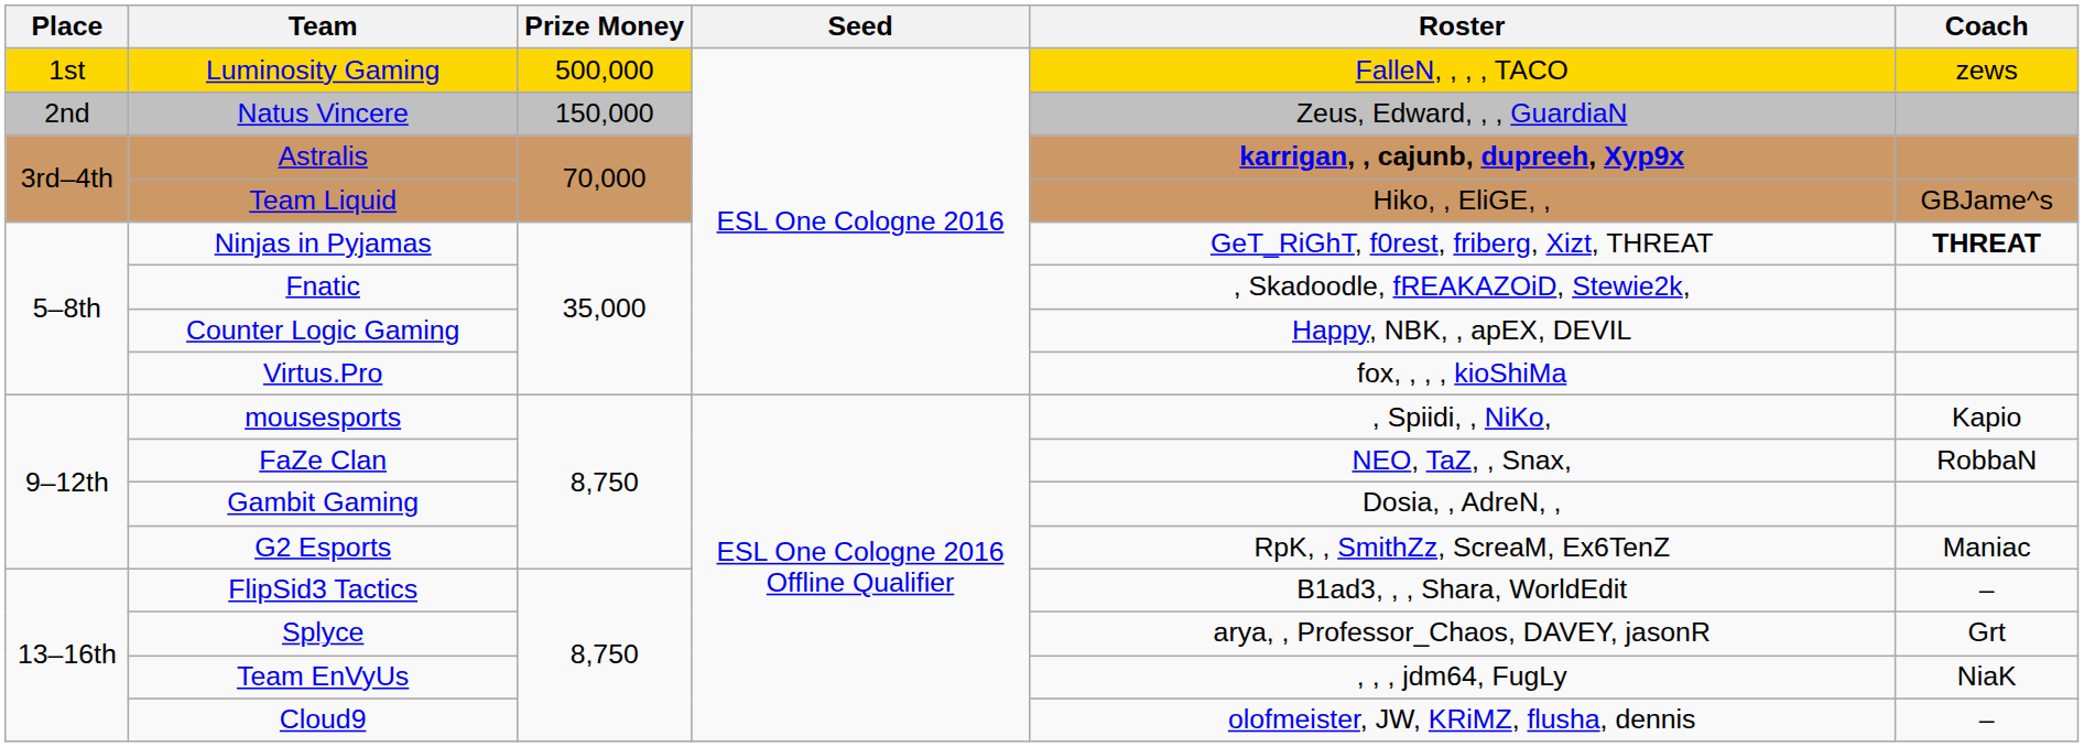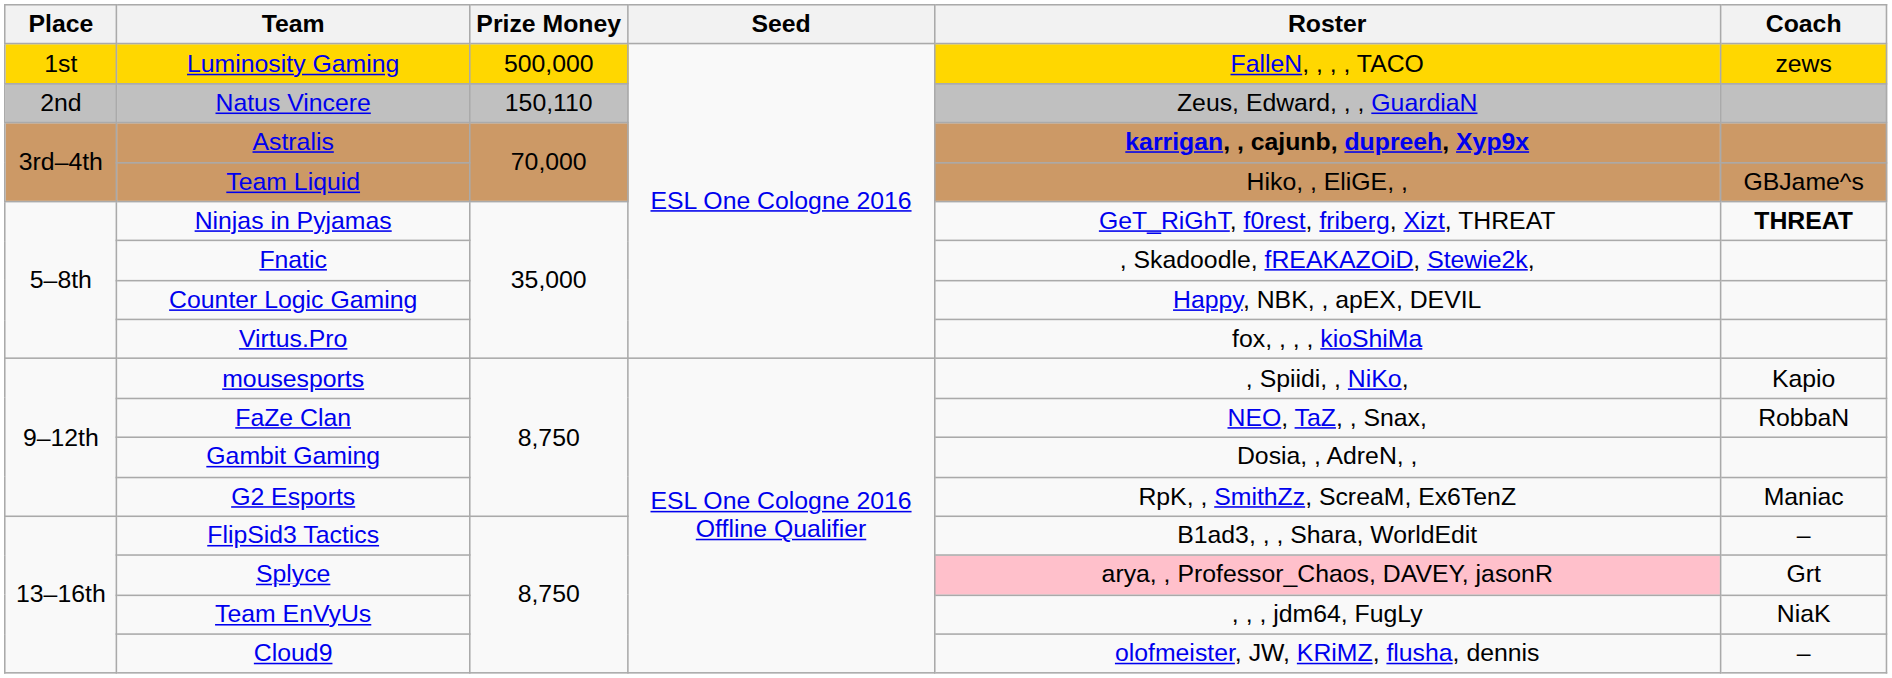 <table class="wikitable" style="text-align:center">
 <tr>
 <th width="65px">Place</th>
 <th width="220">Team</th>
 <th width="95">Prize Money</th>
 <th width="190px">Seed</th>
 <th width="500px">Roster</th>
 <th width="100">Coach</th>
 </tr>
 <tr>
 <td style="text-align:center; background:gold;">1st</td>
 <td style="text-align:center; background:gold;"><a href='#'>Luminosity Gaming</a></td>
 <td style="text-align:center; background:gold;">500,000</td>
 <td style="text-align:center" rowspan="8"><a href='#'>ESL One Cologne 2016</a></td>
 <td style="text-align:center; background:gold;"><a href='#'>FalleN</a>,  ,  ,  ,  TACO</td>
 <td style="text-align:center; background:gold;">zews</td>
 </tr>
 <tr>
 <td style="text-align:center; background:silver;">2nd</td>
 <td style="text-align:center; background:silver;"><a href='#'>Natus Vincere</a></td>
-<td style="text-align:center; background:silver;">150,000</td>
+<td style="text-align:center; background:silver;">150,110</td>
 <td style="text-align:center; background:silver;">Zeus,  Edward,  ,  ,  <a href='#'>GuardiaN</a></td>
 <td style="text-align:center; background:silver;"></td>
 </tr>
 <tr>
 <td style="text-align:center; background:#c96;" rowspan="2">3rd–4th</td>
 <td style="text-align:center; background:#c96;"><a href='#'>Astralis</a></td>
 <td style="text-align:center; background:#c96;" rowspan="2">70,000</td>
 <td style="text-align:center; background:#c96;"><strong><a href='#'>karrigan</a>,  ,  cajunb,  <a href='#'>dupreeh</a>,  <a href='#'>Xyp9x</a></strong></td>
 <td style="text-align:center; background:#c96;"></td>
 </tr>
 <tr>
 <td style="text-align:center; background:#c96;"><a href='#'>Team Liquid</a></td>
 <td style="text-align:center; background:#c96;">Hiko,  ,  EliGE,  ,  </td>
 <td style="text-align:center; background:#c96;">GBJame^s</td>
 </tr>
 <tr>
 <td style="text-align:center" rowspan="4">5–8th</td>
 <td style="text-align:center;"><a href='#'>Ninjas in Pyjamas</a></td>
 <td style="text-align:center" rowspan="4">35,000</td>
 <td style="text-align:center;"><a href='#'>GeT_RiGhT</a>,  <a href='#'>f0rest</a>,  <a href='#'>friberg</a>,  <a href='#'>Xizt</a>,  THREAT</td>
 <td style="text-align:center;"><strong>THREAT</strong></td>
 </tr>
 <tr>
 <td style="text-align:center;"><a href='#'>Fnatic</a></td>
 <td style="text-align:center;">,  Skadoodle,  <a href='#'>fREAKAZOiD</a>,  <a href='#'>Stewie2k</a>,  </td>
 <td style="text-align:center;"></td>
 </tr>
 <tr>
 <td style="text-align:center;"><a href='#'>Counter Logic Gaming</a></td>
 <td style="text-align:center;"><a href='#'>Happy</a>,  NBK,  ,  apEX,  DEVIL</td>
 <td style="text-align:center;"></td>
 </tr>
 <tr>
 <td style="text-align:center;"><a href='#'>Virtus.Pro</a></td>
 <td style="text-align:center;">fox,  ,  ,  ,  <a href='#'>kioShiMa</a></td>
 <td style="text-align:center;"></td>
 </tr>
 <tr>
 <td style="text-align:center" rowspan="4">9–12th</td>
 <td style="text-align:center;"><a href='#'>mousesports</a></td>
 <td style="text-align:center" rowspan="4">8,750</td>
 <td style="text-align:center" rowspan="8"><a href='#'>ESL One Cologne 2016 Offline Qualifier</a></td>
 <td style="text-align:center;">,  Spiidi,  ,  <a href='#'>NiKo</a>,  </td>
 <td style="text-align:center;">Kapio</td>
 </tr>
 <tr>
 <td style="text-align:center;"><a href='#'>FaZe Clan</a></td>
 <td style="text-align:center;"><a href='#'>NEO</a>,  <a href='#'>TaZ</a>,  ,  Snax,  </td>
 <td style="text-align:center;">RobbaN</td>
 </tr>
 <tr>
 <td style="text-align:center;"><a href='#'>Gambit Gaming</a></td>
 <td style="text-align:center;">Dosia,  ,  AdreN,  ,  </td>
 <td style="text-align:center;"></td>
 </tr>
 <tr>
 <td style="text-align:center;"><a href='#'>G2 Esports</a></td>
 <td style="text-align:center;">RpK,  ,  <a href='#'>SmithZz</a>,  ScreaM,  Ex6TenZ</td>
 <td style="text-align:center;">Maniac</td>
 </tr>
 <tr>
 <td style="text-align:center" rowspan="4">13–16th</td>
 <td style="text-align:center;"><a href='#'>FlipSid3 Tactics</a></td>
 <td style="text-align:center" rowspan="4">8,750</td>
 <td style="text-align:center;">B1ad3,  ,  ,  Shara,  WorldEdit</td>
 <td style="text-align:center;">–</td>
 </tr>
 <tr>
 <td style="text-align:center;"><a href='#'>Splyce</a></td>
-<td style="text-align:center;">arya,  ,  Professor_Chaos,  DAVEY,  jasonR</td>
+<td style="background: pink; text-align:center;">arya,  ,  Professor_Chaos,  DAVEY,  jasonR</td>
 <td style="text-align:center;">Grt</td>
 </tr>
 <tr>
 <td style="text-align:center;"><a href='#'>Team EnVyUs</a></td>
 <td style="text-align:center;">,  ,  ,  jdm64,  FugLy</td>
 <td style="text-align:center;">NiaK</td>
 </tr>
 <tr>
 <td style="text-align:center;"><a href='#'>Cloud9</a></td>
 <td style="text-align:center;"><a href='#'>olofmeister</a>,  JW,  <a href='#'>KRiMZ</a>,  <a href='#'>flusha</a>,  dennis</td>
 <td style="text-align:center;">–</td>
 </tr>
 </table>
